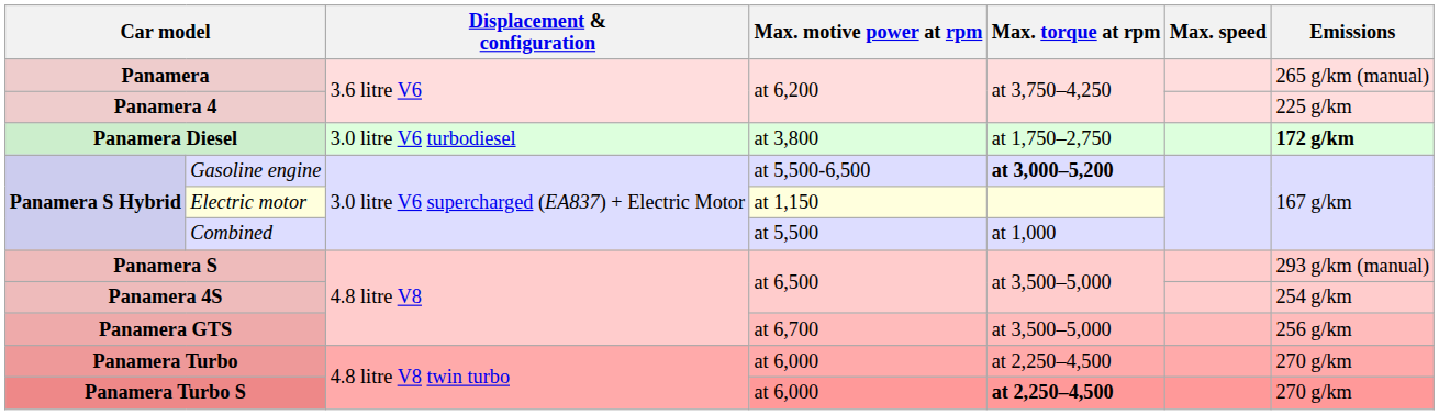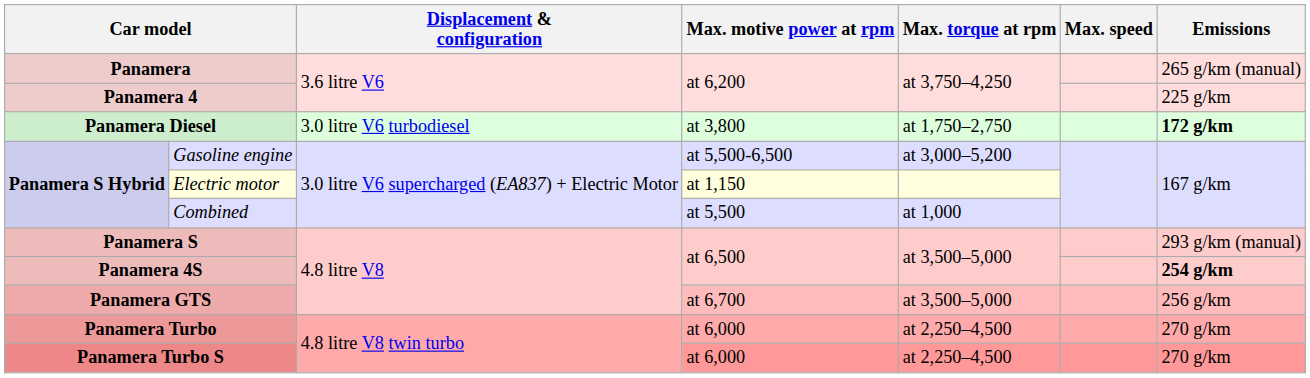 <table class="wikitable">
 <tr>
 <th colspan=2>Car model</th>
 <th><a href='#'>Displacement</a> &<br><a href='#'>configuration</a></th>
 <th>Max. motive <a href='#'>power</a> at <a href='#'>rpm</a></th>
 <th>Max. <a href='#'>torque</a> at rpm</th>
 <th>Max. speed</th>
 <th>Emissions </th>
 </tr>
 <tr style="background:#fdd;">
 <th style="background:#ecc;" colspan=2>Panamera</th>
 <td rowspan=2>3.6 litre <a href='#'>V6</a></td>
 <td rowspan=2> at 6,200</td>
 <td rowspan=2> at 3,750–4,250</td>
 <td></td>
 <td>265 g/km (manual)</td>
 </tr>
 <tr style="background:#fdd;">
 <th style="background:#ecc;" colspan=2>Panamera 4</th>
 <td></td>
 <td>225 g/km</td>
 </tr>
 <tr style="background:#dfd;">
 <th style="background:#cec;" colspan=2>Panamera Diesel</th>
 <td>3.0 litre <a href='#'>V6</a> <a href='#'>turbodiesel</a></td>
 <td> at 3,800</td>
 <td> at 1,750–2,750</td>
 <td></td>
 <td><strong>172 g/km</strong></td>
 </tr>
 <tr style="background:#ddf;">
 <th style="background:#cce;" rowspan=3>Panamera S Hybrid</th>
 <td><em>Gasoline engine</em></td>
 <td rowspan=3>3.0 litre <a href='#'>V6</a> <a href='#'>supercharged</a> (<em>EA837</em>) + Electric Motor</td>
 <td> at 5,500-6,500</td>
-<td><strong> at 3,000–5,200</strong></td>
+<td> at 3,000–5,200</td>
 <td rowspan=3></td>
 <td rowspan=3>167 g/km</td>
 </tr>
 <tr style="background:#ffd;">
 <td><em>Electric motor</em></td>
 <td> at 1,150</td>
 <td></td>
 </tr>
 <tr style="background:#ddf;">
 <td><em>Combined</em></td>
 <td> at 5,500</td>
 <td> at 1,000</td>
 </tr>
 <tr style="background:#fcc;">
 <th style="background:#ebb;" colspan=2>Panamera S</th>
 <td rowspan=3>4.8 litre <a href='#'>V8</a></td>
 <td rowspan=2> at 6,500</td>
 <td rowspan=2> at 3,500–5,000</td>
 <td></td>
 <td>293 g/km (manual)</td>
 </tr>
 <tr style="background:#fcc;">
 <th style="background:#ebb;" colspan=2>Panamera 4S</th>
 <td></td>
-<td>254 g/km</td>
+<td><strong>254 g/km</strong></td>
 </tr>
 <tr style="background:#fbb;">
 <th style="background:#eaa;" colspan=2>Panamera GTS</th>
 <td> at 6,700</td>
 <td> at 3,500–5,000</td>
 <td></td>
 <td>256 g/km</td>
 </tr>
 <tr style="background:#faa;">
 <th style="background:#e99;" colspan=2>Panamera Turbo</th>
 <td rowspan=2>4.8 litre <a href='#'>V8</a> <a href='#'>twin turbo</a></td>
 <td> at 6,000</td>
 <td> at 2,250–4,500</td>
 <td></td>
 <td>270 g/km</td>
 </tr>
 <tr style="background:#f99;">
 <th style="background:#e88;" colspan=2>Panamera Turbo S</th>
 <td> at 6,000</td>
-<td><strong> at 2,250–4,500</strong></td>
+<td> at 2,250–4,500</td>
 <td></td>
 <td>270 g/km</td>
 </tr>
 </table>
